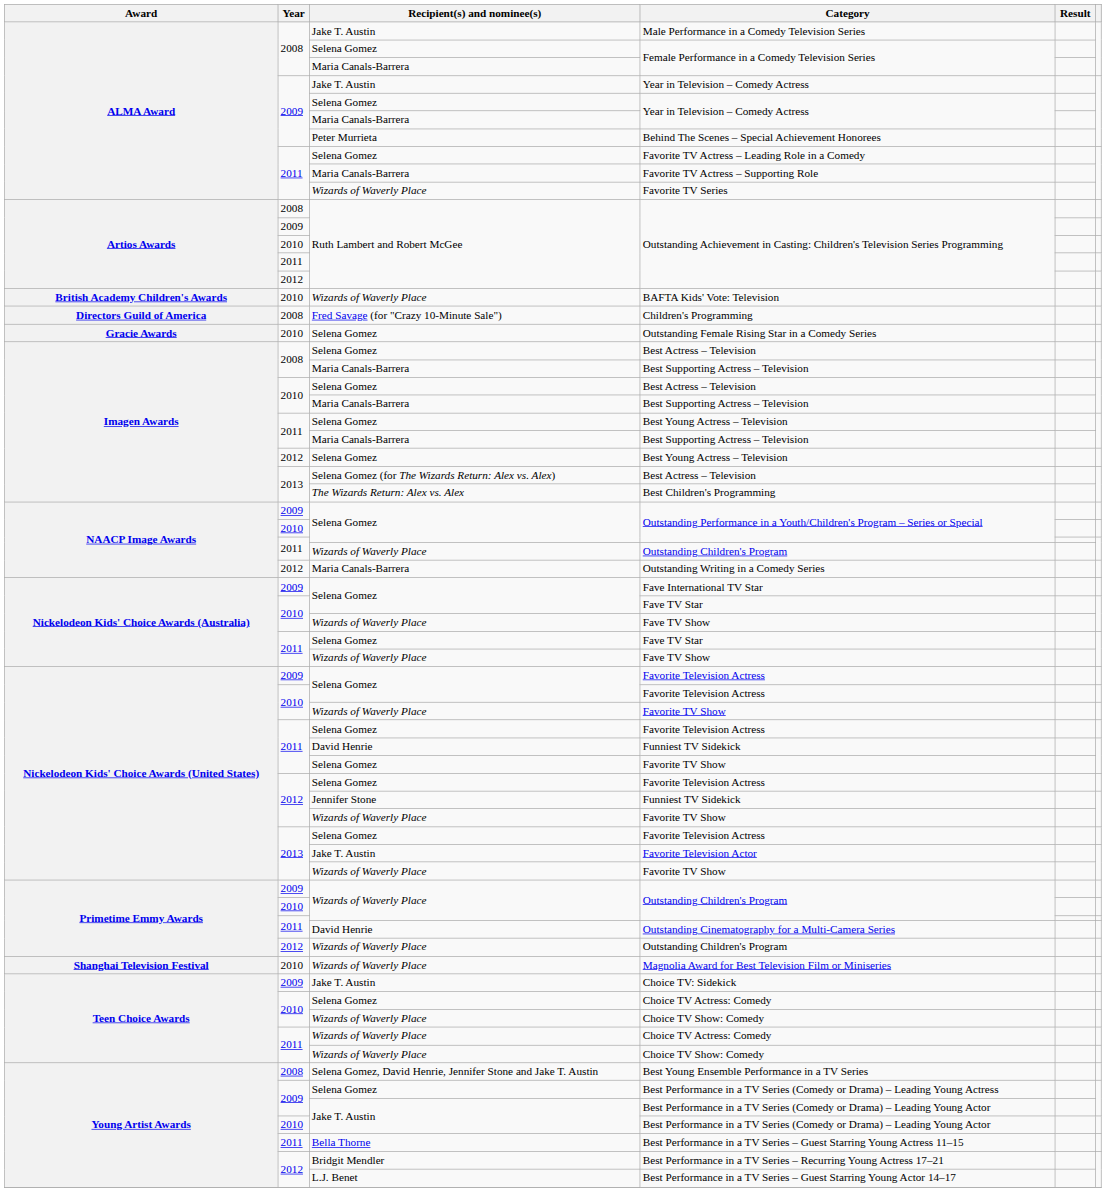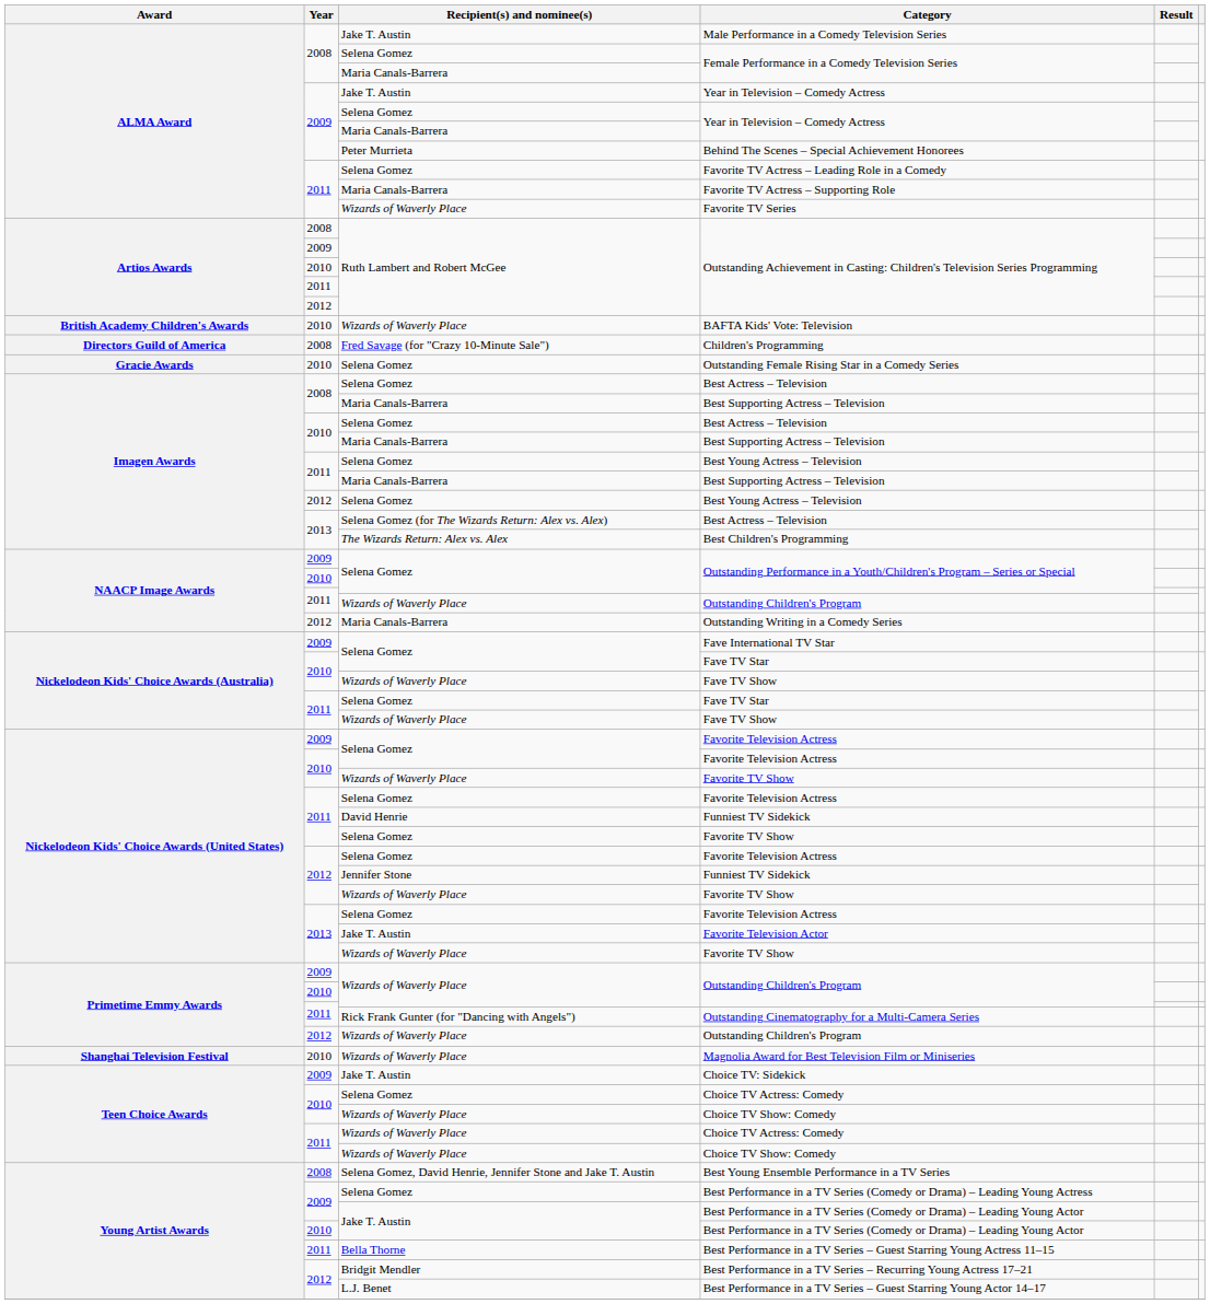 <table class="wikitable plainrowheaders sortable" style="width:99%;">
 <tr style="background:#ccc; text-align:center;">
 <th scope="col">Award</th>
 <th scope="col">Year</th>
 <th scope="col">Recipient(s) and nominee(s)</th>
 <th scope="col">Category</th>
 <th scope="col">Result</th>
 <th scope="col" class="unsortable"></th>
 </tr>
 <tr>
 <th scope="row" rowspan="10"><a href='#'>ALMA Award</a></th>
 <td rowspan="3">2008</td>
 <td data-sort-value="Austin, Jake T.">Jake T. Austin</td>
 <td>Male Performance in a Comedy Television Series</td>
 <td></td>
 <td style="text-align:center;" rowspan="3"></td>
 </tr>
 <tr>
 <td data-sort-value="Gomez, Selena">Selena Gomez</td>
 <td rowspan="2">Female Performance in a Comedy Television Series</td>
 <td></td>
 </tr>
 <tr>
 <td data-sort-value="Canals-Barrera, Maria">Maria Canals-Barrera</td>
 <td></td>
 </tr>
 <tr>
 <td rowspan="4"><a href='#'>2009</a></td>
 <td data-sort-value="Austin, Jake T.">Jake T. Austin</td>
 <td>Year in Television – Comedy Actress</td>
 <td></td>
 <td style="text-align:center;" rowspan="4"></td>
 </tr>
 <tr>
 <td data-sort-value="Gomez, Selena">Selena Gomez</td>
 <td rowspan="2">Year in Television – Comedy Actress</td>
 <td></td>
 </tr>
 <tr>
 <td data-sort-value="Canals-Barrera, Maria">Maria Canals-Barrera</td>
 <td></td>
 </tr>
 <tr>
 <td data-sort-value="Murrieta, Peter">Peter Murrieta</td>
 <td>Behind The Scenes – Special Achievement Honorees</td>
 <td></td>
 </tr>
 <tr>
 <td rowspan="3"><a href='#'>2011</a></td>
 <td data-sort-value="Gomez, Selena">Selena Gomez</td>
 <td>Favorite TV Actress – Leading Role in a Comedy</td>
 <td></td>
 <td style="text-align:center;" rowspan="3"></td>
 </tr>
 <tr>
 <td data-sort-value="Canals-Barrera, Maria">Maria Canals-Barrera</td>
 <td>Favorite TV Actress – Supporting Role</td>
 <td></td>
 </tr>
 <tr>
 <td data-sort-value="Wizards of Waverly Place"><em>Wizards of Waverly Place</em></td>
 <td>Favorite TV Series</td>
 <td></td>
 </tr>
 <tr>
 <th scope="row" rowspan="5"><a href='#'>Artios Awards</a></th>
 <td>2008</td>
 <td data-sort-value="Lambert, Ruth & McGee, Robert" rowspan="5">Ruth Lambert and Robert McGee</td>
 <td rowspan="5">Outstanding Achievement in Casting: Children's Television Series Programming</td>
 <td></td>
 <td style="text-align:center;"></td>
 </tr>
 <tr>
 <td>2009</td>
 <td></td>
 <td style="text-align:center;"></td>
 </tr>
 <tr>
 <td>2010</td>
 <td></td>
 <td style="text-align:center;"></td>
 </tr>
 <tr>
 <td>2011</td>
 <td></td>
 <td style="text-align:center;"></td>
 </tr>
 <tr>
 <td>2012</td>
 <td></td>
 <td style="text-align:center;"></td>
 </tr>
 <tr>
 <th scope="row"><a href='#'>British Academy Children's Awards</a></th>
 <td>2010</td>
 <td data-sort-value="Wizards of Waverly Place"><em>Wizards of Waverly Place</em></td>
 <td>BAFTA Kids' Vote: Television</td>
 <td></td>
 <td style="text-align:center;"></td>
 </tr>
 <tr>
 <th scope="row"><a href='#'>Directors Guild of America</a></th>
 <td>2008</td>
 <td data-sort-value="Savage, Fred (for "Crazy 10-Minute Sale")"><a href='#'>Fred Savage</a> (for "Crazy 10-Minute Sale")</td>
 <td>Children's Programming</td>
 <td></td>
 <td style="text-align:center;"></td>
 </tr>
 <tr>
 <th scope="row"><a href='#'>Gracie Awards</a></th>
 <td>2010</td>
 <td data-sort-value="Gomez, Selena">Selena Gomez</td>
 <td>Outstanding Female Rising Star in a Comedy Series</td>
 <td></td>
 <td style="text-align:center;"></td>
 </tr>
 <tr>
 <th scope="row" rowspan="9"><a href='#'>Imagen Awards</a></th>
 <td rowspan="2">2008</td>
 <td data-sort-value="Gomez, Selena">Selena Gomez</td>
 <td>Best Actress – Television</td>
 <td></td>
 <td style="text-align:center;" rowspan="2"></td>
 </tr>
 <tr>
 <td data-sort-value="Canals-Barrera, Maria ">Maria Canals-Barrera</td>
 <td>Best Supporting Actress – Television</td>
 <td></td>
 </tr>
 <tr>
 <td rowspan="2">2010</td>
 <td data-sort-value="Gomez, Selena">Selena Gomez</td>
 <td>Best Actress – Television</td>
 <td></td>
 <td style="text-align:center;" rowspan="2"></td>
 </tr>
 <tr>
 <td data-sort-value="Canals-Barrera, Maria">Maria Canals-Barrera</td>
 <td>Best Supporting Actress – Television</td>
 <td></td>
 </tr>
 <tr>
 <td rowspan="2">2011</td>
 <td data-sort-value="Gomez, Selena">Selena Gomez</td>
 <td>Best Young Actress – Television</td>
 <td></td>
 <td style="text-align:center;" rowspan="2"></td>
 </tr>
 <tr>
 <td data-sort-value="Canals-Barrera, Maria">Maria Canals-Barrera</td>
 <td>Best Supporting Actress – Television</td>
 <td></td>
 </tr>
 <tr>
 <td>2012</td>
 <td data-sort-value="Gomez, Selena">Selena Gomez</td>
 <td>Best Young Actress – Television</td>
 <td></td>
 <td style="text-align:center;"></td>
 </tr>
 <tr>
 <td rowspan="2">2013</td>
 <td data-sort-value="Gomez, Selena (for ">Selena Gomez (for <em>The Wizards Return: Alex vs. Alex</em>)</td>
 <td>Best Actress – Television</td>
 <td></td>
 <td style="text-align:center;" rowspan="2"></td>
 </tr>
 <tr>
 <td data-sort-value="Wizards Return: Alex vs. Alex"><em>The Wizards Return: Alex vs. Alex</em></td>
 <td>Best Children's Programming</td>
 <td></td>
 </tr>
 <tr>
 <th scope="row" rowspan="5"><a href='#'>NAACP Image Awards</a></th>
 <td><a href='#'>2009</a></td>
 <td data-sort-value="Gomez, Selena" rowspan="3">Selena Gomez</td>
 <td rowspan="3"><a href='#'>Outstanding Performance in a Youth/Children's Program – Series or Special</a></td>
 <td></td>
 <td style="text-align:center;"></td>
 </tr>
 <tr>
 <td><a href='#'>2010</a></td>
 <td></td>
 <td style="text-align:center;"></td>
 </tr>
 <tr>
 <td rowspan="2">2011</td>
 <td></td>
 <td style="text-align:center;" rowspan="2"></td>
 </tr>
 <tr>
 <td data-sort-value="Wizards of Waverly Place"><em>Wizards of Waverly Place</em></td>
 <td><a href='#'>Outstanding Children's Program</a></td>
 <td></td>
 </tr>
 <tr>
 <td>2012</td>
 <td data-sort-value="Canals-Barrera, Maria">Maria Canals-Barrera</td>
 <td>Outstanding Writing in a Comedy Series</td>
 <td></td>
 <td style="text-align:center;"></td>
 </tr>
 <tr>
 <th scope="row" rowspan="5"><a href='#'>Nickelodeon Kids' Choice Awards (Australia)</a></th>
 <td><a href='#'>2009</a></td>
 <td data-sort-value="Gomez, Selena" rowspan="2">Selena Gomez</td>
 <td>Fave International TV Star</td>
 <td></td>
 <td style="text-align:center;"></td>
 </tr>
 <tr>
 <td rowspan="2"><a href='#'>2010</a></td>
 <td>Fave TV Star</td>
 <td></td>
 <td style="text-align:center;" rowspan="2"></td>
 </tr>
 <tr>
 <td data-sort-value="Wizards of Waverly Place"><em>Wizards of Waverly Place</em></td>
 <td>Fave TV Show</td>
 <td></td>
 </tr>
 <tr>
 <td rowspan="2"><a href='#'>2011</a></td>
 <td data-sort-value="Gomez, Selena">Selena Gomez</td>
 <td>Fave TV Star</td>
 <td></td>
 <td style="text-align:center;" rowspan="2"></td>
 </tr>
 <tr>
 <td data-sort-value="Wizards of Waverly Place"><em>Wizards of Waverly Place</em></td>
 <td>Fave TV Show</td>
 <td></td>
 </tr>
 <tr>
 <th scope="row" rowspan="12"><a href='#'>Nickelodeon Kids' Choice Awards (United States)</a></th>
 <td><a href='#'>2009</a></td>
 <td data-sort-value="Gomez, Selena" rowspan="2">Selena Gomez</td>
 <td><a href='#'>Favorite Television Actress</a></td>
 <td></td>
 <td style="text-align:center;"></td>
 </tr>
 <tr>
 <td rowspan="2"><a href='#'>2010</a></td>
 <td>Favorite Television Actress</td>
 <td></td>
 <td style="text-align:center;"></td>
 </tr>
 <tr>
 <td data-sort-value="Wizards of Waverly Place"><em>Wizards of Waverly Place</em></td>
 <td><a href='#'>Favorite TV Show</a></td>
 <td></td>
 <td style="text-align:center;"></td>
 </tr>
 <tr>
 <td rowspan="3"><a href='#'>2011</a></td>
 <td data-sort-value="Gomez, Selena">Selena Gomez</td>
 <td>Favorite Television Actress</td>
 <td></td>
 <td style="text-align:center;"></td>
 </tr>
 <tr>
 <td data-sort-value="Henrie, David">David Henrie</td>
 <td>Funniest TV Sidekick</td>
 <td></td>
 <td style="text-align:center;" rowspan="2"></td>
 </tr>
 <tr>
 <td data-sort-value="Gomez, Selena">Selena Gomez</td>
 <td>Favorite TV Show</td>
 <td></td>
 </tr>
 <tr>
 <td rowspan="3"><a href='#'>2012</a></td>
 <td data-sort-value="Gomez, Selena">Selena Gomez</td>
 <td>Favorite Television Actress</td>
 <td></td>
 <td style="text-align:center;"></td>
 </tr>
 <tr>
 <td data-sort-value="Stone, Jennifer">Jennifer Stone</td>
 <td>Funniest TV Sidekick</td>
 <td></td>
 <td style="text-align:center;" rowspan="2"></td>
 </tr>
 <tr>
 <td data-sort-value="Wizards of Waverly Place"><em>Wizards of Waverly Place</em></td>
 <td>Favorite TV Show</td>
 <td></td>
 </tr>
 <tr>
 <td rowspan="3"><a href='#'>2013</a></td>
 <td data-sort-value="Gomez, Selena">Selena Gomez</td>
 <td>Favorite Television Actress</td>
 <td></td>
 <td style="text-align:center;"></td>
 </tr>
 <tr>
 <td data-sort-value="Austin, Jake T.">Jake T. Austin</td>
 <td><a href='#'>Favorite Television Actor</a></td>
 <td></td>
 <td style="text-align:center;" rowspan="2"></td>
 </tr>
 <tr>
 <td data-sort-value="Wizards of Waverly Place"><em>Wizards of Waverly Place</em></td>
 <td>Favorite TV Show</td>
 <td></td>
 </tr>
 <tr>
 <th scope="row" rowspan="5"><a href='#'>Primetime Emmy Awards</a></th>
 <td><a href='#'>2009</a></td>
 <td data-sort-value="Wizards of Waverly Place" rowspan="3"><em>Wizards of Waverly Place</em></td>
 <td rowspan="3"><a href='#'>Outstanding Children's Program</a></td>
 <td></td>
 <td style="text-align:center;"></td>
 </tr>
 <tr>
 <td><a href='#'>2010</a></td>
 <td></td>
 <td style="text-align:center;"></td>
 </tr>
 <tr>
 <td rowspan="2"><a href='#'>2011</a></td>
 <td></td>
 <td style="text-align:center;"></td>
 </tr>
 <tr>
-<td data-sort-value="Henrie, David">David Henrie</td>
+<td data-sort-value="Gunter, Rick Frank (for "Dancing with Angels")">Rick Frank Gunter (for "Dancing with Angels")</td>
 <td><a href='#'>Outstanding Cinematography for a Multi-Camera Series</a></td>
 <td></td>
 <td style="text-align:center;"></td>
 </tr>
 <tr>
 <td><a href='#'>2012</a></td>
 <td data-sort-value="Wizards of Waverly Place"><em>Wizards of Waverly Place</em></td>
 <td>Outstanding Children's Program</td>
 <td></td>
 <td style="text-align:center;"></td>
 </tr>
 <tr>
 <th scope="row"><a href='#'>Shanghai Television Festival</a></th>
 <td>2010</td>
 <td data-sort-value="Wizards of Waverly Place"><em>Wizards of Waverly Place</em></td>
 <td><a href='#'>Magnolia Award for Best Television Film or Miniseries</a></td>
 <td></td>
 <td style="text-align:center;"></td>
 </tr>
 <tr>
 <th scope="row" rowspan="5"><a href='#'>Teen Choice Awards</a></th>
 <td><a href='#'>2009</a></td>
 <td data-sort-value="Austin, Jake T.">Jake T. Austin</td>
 <td>Choice TV: Sidekick</td>
 <td></td>
 <td style="text-align:center;"></td>
 </tr>
 <tr>
 <td rowspan="2"><a href='#'>2010</a></td>
 <td data-sort-value="Gomez, Selena">Selena Gomez</td>
 <td>Choice TV Actress: Comedy</td>
 <td></td>
 <td style="text-align:center;"></td>
 </tr>
 <tr>
 <td data-sort-value="Wizards of Waverly Place"><em>Wizards of Waverly Place</em></td>
 <td>Choice TV Show: Comedy</td>
 <td></td>
 <td style="text-align:center;"></td>
 </tr>
 <tr>
 <td rowspan="2"><a href='#'>2011</a></td>
 <td data-sort-value="Wizards of Waverly Place"><em>Wizards of Waverly Place</em></td>
 <td>Choice TV Actress: Comedy</td>
 <td></td>
 <td style="text-align:center;"></td>
 </tr>
 <tr>
 <td data-sort-value="Wizards of Waverly Place"><em>Wizards of Waverly Place</em></td>
 <td>Choice TV Show: Comedy</td>
 <td></td>
 <td style="text-align:center;"></td>
 </tr>
 <tr>
 <th scope="row" rowspan="7"><a href='#'>Young Artist Awards</a></th>
 <td><a href='#'>2008</a></td>
 <td data-sort-value="Gomez, Selena">Selena Gomez, David Henrie, Jennifer Stone and Jake T. Austin</td>
 <td>Best Young Ensemble Performance in a TV Series</td>
 <td></td>
 <td style="text-align:center;"></td>
 </tr>
 <tr>
 <td rowspan="2"><a href='#'>2009</a></td>
 <td data-sort-value="Gomez, Selena">Selena Gomez</td>
 <td>Best Performance in a TV Series (Comedy or Drama) – Leading Young Actress</td>
 <td></td>
 <td style="text-align:center;" rowspan="2"></td>
 </tr>
 <tr>
 <td data-sort-value="Austin, Jake T." rowspan="2">Jake T. Austin</td>
 <td>Best Performance in a TV Series (Comedy or Drama) – Leading Young Actor</td>
 <td></td>
 </tr>
 <tr>
 <td><a href='#'>2010</a></td>
 <td>Best Performance in a TV Series (Comedy or Drama) – Leading Young Actor</td>
 <td></td>
 <td style="text-align:center;"></td>
 </tr>
 <tr>
 <td><a href='#'>2011</a></td>
 <td data-sort-value="Thorne, Bella"><a href='#'>Bella Thorne</a></td>
 <td>Best Performance in a TV Series – Guest Starring Young Actress 11–15</td>
 <td></td>
 <td style="text-align:center;"></td>
 </tr>
 <tr>
 <td rowspan="2"><a href='#'>2012</a></td>
 <td data-sort-value="Mendler, Bridgit">Bridgit Mendler</td>
 <td>Best Performance in a TV Series – Recurring Young Actress 17–21</td>
 <td></td>
 <td style="text-align:center;" rowspan="2"></td>
 </tr>
 <tr>
 <td data-sort-value="Benet, L.J.">L.J. Benet</td>
 <td>Best Performance in a TV Series – Guest Starring Young Actor 14–17</td>
 <td></td>
 </tr>
 <tr>
 </tr>
 </table>
